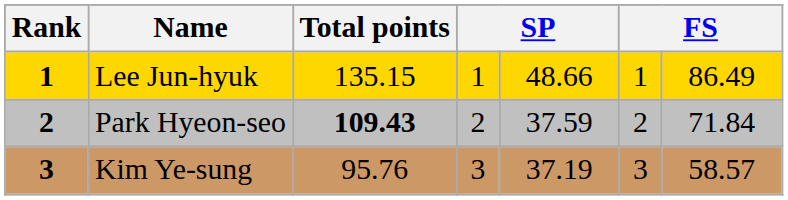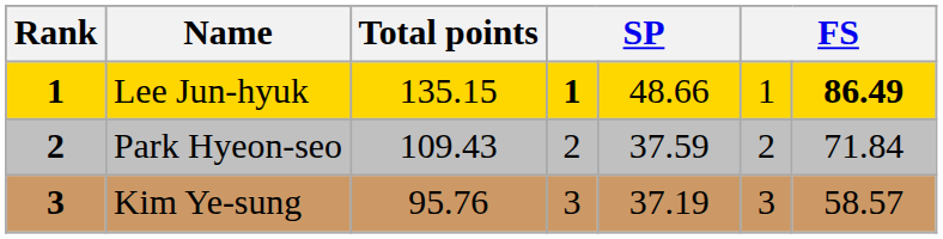 <table class="wikitable sortable">
 <tr>
 <th>Rank</th>
 <th>Name</th>
 <th>Total points</th>
 <th colspan="2" width="80px"><a href='#'>SP</a></th>
 <th colspan="2" width="80px"><a href='#'>FS</a></th>
 </tr>
 <tr bgcolor="gold">
 <td align="center"><strong>1</strong></td>
 <td>Lee Jun-hyuk</td>
 <td align="center">135.15</td>
-<td align="center">1</td>
+<td align="center"><strong>1</strong></td>
 <td align="center">48.66</td>
 <td align="center">1</td>
-<td align="center">86.49</td>
+<td align="center"><strong>86.49</strong></td>
 </tr>
 <tr bgcolor="silver">
 <td align="center"><strong>2</strong></td>
 <td>Park Hyeon-seo</td>
-<td align="center"><strong>109.43</strong></td>
+<td align="center">109.43</td>
 <td align="center">2</td>
 <td align="center">37.59</td>
 <td align="center">2</td>
 <td align="center">71.84</td>
 </tr>
 <tr bgcolor="cc9966">
 <td align="center"><strong>3</strong></td>
 <td>Kim Ye-sung</td>
 <td align="center">95.76</td>
 <td align="center">3</td>
 <td align="center">37.19</td>
 <td align="center">3</td>
 <td align="center">58.57</td>
 </tr>
 </table>
